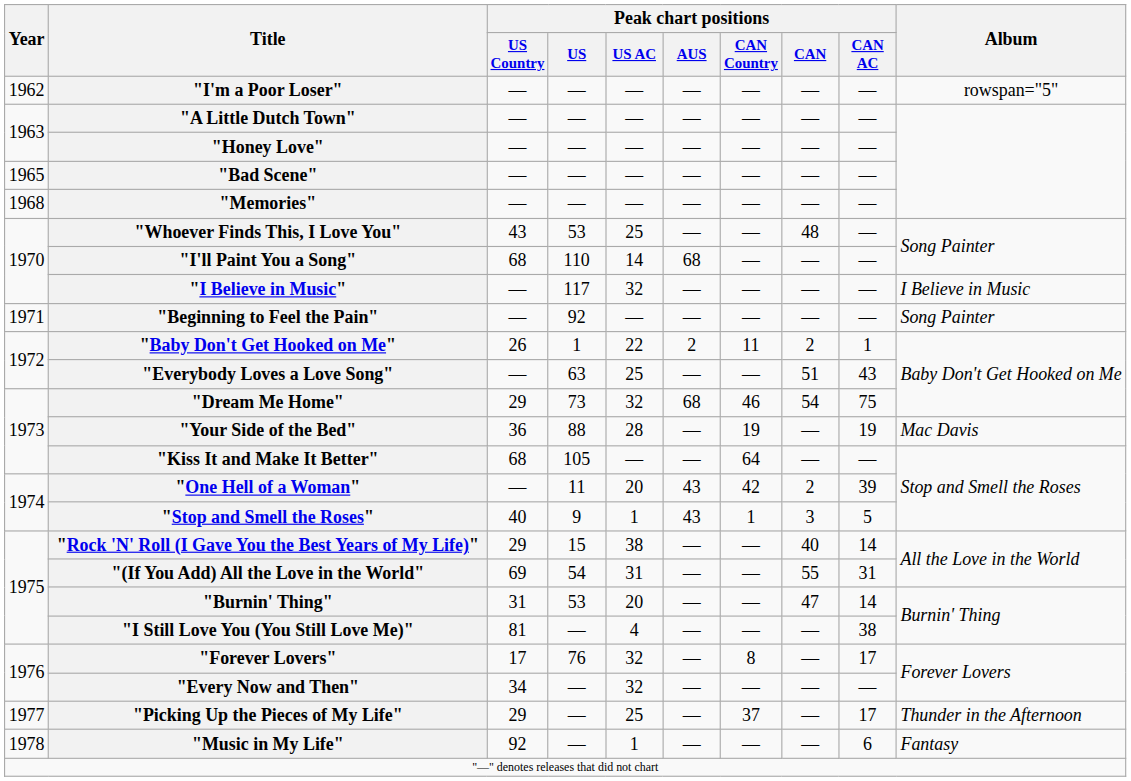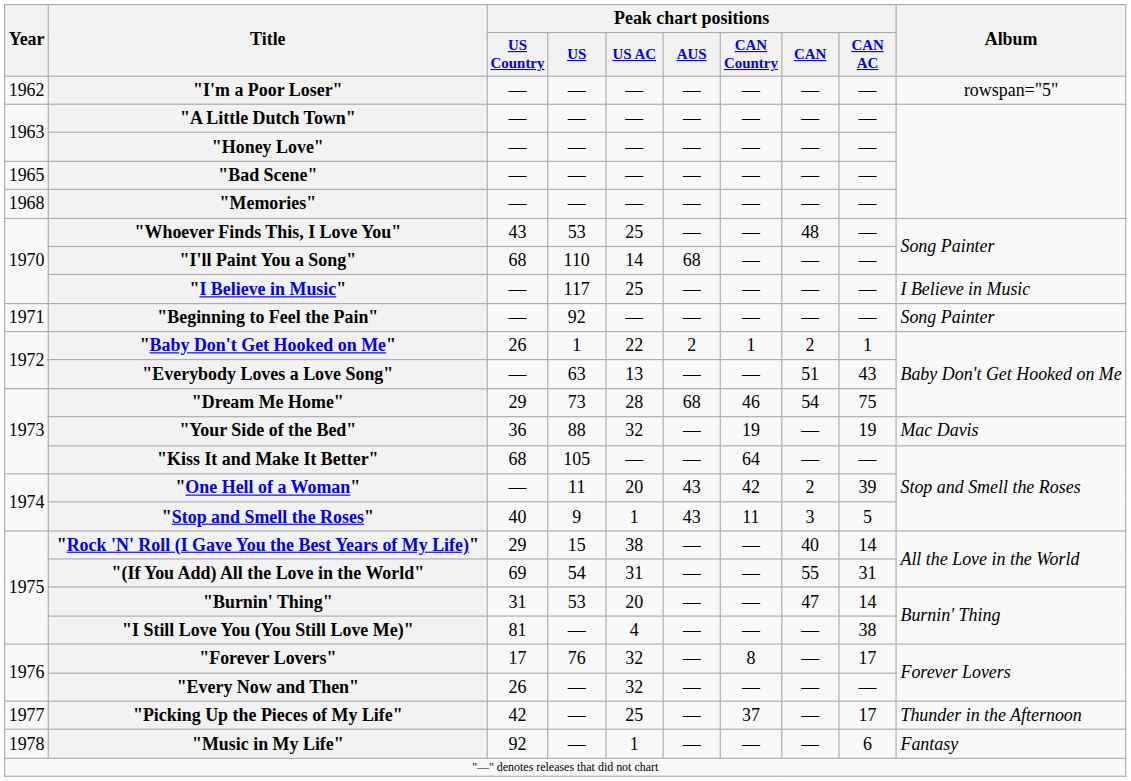 <table class="wikitable plainrowheaders" style=text-align:center;>
 <tr>
 <th scope="col" rowspan="2">Year</th>
 <th scope="col" rowspan="2" style="width:24em;">Title</th>
 <th scope="col" colspan="7">Peak chart positions</th>
 <th scope="col" rowspan="2">Album</th>
 </tr>
 <tr style="font-size:smaller;">
 <th width="45"><a href='#'>US Country</a><br></th>
 <th width="45"><a href='#'>US</a><br></th>
 <th width="45"><a href='#'>US AC</a><br></th>
 <th width="45"><a href='#'>AUS</a><br></th>
 <th width="45"><a href='#'>CAN Country</a></th>
 <th width="45"><a href='#'>CAN</a></th>
 <th width="45"><a href='#'>CAN AC</a></th>
 </tr>
 <tr>
 <td>1962</td>
 <th scope="row">"I'm a Poor Loser"</th>
 <td>—</td>
 <td>—</td>
 <td>—</td>
 <td>—</td>
 <td>—</td>
 <td>—</td>
 <td>—</td>
 <td>rowspan="5" </td>
 </tr>
 <tr>
 <td rowspan="2">1963</td>
 <th scope="row">"A Little Dutch Town"</th>
 <td>—</td>
 <td>—</td>
 <td>—</td>
 <td>—</td>
 <td>—</td>
 <td>—</td>
 <td>—</td>
 </tr>
 <tr>
 <th scope="row">"Honey Love"</th>
 <td>—</td>
 <td>—</td>
 <td>—</td>
 <td>—</td>
 <td>—</td>
 <td>—</td>
 <td>—</td>
 </tr>
 <tr>
 <td>1965</td>
 <th scope="row">"Bad Scene"</th>
 <td>—</td>
 <td>—</td>
 <td>—</td>
 <td>—</td>
 <td>—</td>
 <td>—</td>
 <td>—</td>
 </tr>
 <tr>
 <td>1968</td>
 <th scope="row">"Memories"</th>
 <td>—</td>
 <td>—</td>
 <td>—</td>
 <td>—</td>
 <td>—</td>
 <td>—</td>
 <td>—</td>
 </tr>
 <tr ->
 <td rowspan="3">1970</td>
 <th scope="row">"Whoever Finds This, I Love You"</th>
 <td>43</td>
 <td>53</td>
 <td>25</td>
 <td>—</td>
 <td>—</td>
 <td>48</td>
 <td>—</td>
 <td align="left" rowspan="2"><em>Song Painter</em></td>
 </tr>
 <tr>
 <th scope="row">"I'll Paint You a Song"</th>
 <td>68</td>
 <td>110</td>
 <td>14</td>
 <td>68</td>
 <td>—</td>
 <td>—</td>
 <td>—</td>
 </tr>
 <tr>
 <th scope="row">"<a href='#'>I Believe in Music</a>"</th>
 <td>—</td>
 <td>117</td>
-<td>32</td>
+<td>25</td>
 <td>—</td>
 <td>—</td>
 <td>—</td>
 <td>—</td>
 <td align="left"><em>I Believe in Music</em></td>
 </tr>
 <tr>
 <td>1971</td>
 <th scope="row">"Beginning to Feel the Pain"</th>
 <td>—</td>
 <td>92</td>
 <td>—</td>
 <td>—</td>
 <td>—</td>
 <td>—</td>
 <td>—</td>
 <td align="left"><em>Song Painter</em></td>
 </tr>
 <tr>
 <td rowspan="2">1972</td>
 <th scope="row">"<a href='#'>Baby Don't Get Hooked on Me</a>"</th>
 <td>26</td>
 <td>1</td>
 <td>22</td>
 <td>2</td>
-<td>11</td>
+<td>1</td>
 <td>2</td>
 <td>1</td>
 <td align="left" rowspan="3"><em>Baby Don't Get Hooked on Me</em></td>
 </tr>
 <tr>
 <th scope="row">"Everybody Loves a Love Song"</th>
 <td>—</td>
 <td>63</td>
-<td>25</td>
+<td>13</td>
 <td>—</td>
 <td>—</td>
 <td>51</td>
 <td>43</td>
 </tr>
 <tr>
 <td rowspan=3>1973</td>
 <th scope="row">"Dream Me Home"</th>
 <td>29</td>
 <td>73</td>
-<td>32</td>
+<td>28</td>
 <td>68</td>
 <td>46</td>
 <td>54</td>
 <td>75</td>
 </tr>
 <tr>
 <th scope="row">"Your Side of the Bed"</th>
 <td>36</td>
 <td>88</td>
-<td>28</td>
+<td>32</td>
 <td>—</td>
 <td>19</td>
 <td>—</td>
 <td>19</td>
 <td align="left"><em>Mac Davis</em></td>
 </tr>
 <tr>
 <th scope="row">"Kiss It and Make It Better"</th>
 <td>68</td>
 <td>105</td>
 <td>—</td>
 <td>—</td>
 <td>64</td>
 <td>—</td>
 <td>—</td>
 <td align="left" rowspan="3"><em>Stop and Smell the Roses</em></td>
 </tr>
 <tr>
 <td rowspan=2>1974</td>
 <th scope="row">"<a href='#'>One Hell of a Woman</a>"</th>
 <td>—</td>
 <td>11</td>
 <td>20</td>
 <td>43</td>
 <td>42</td>
 <td>2</td>
 <td>39</td>
 </tr>
 <tr>
 <th scope="row">"<a href='#'>Stop and Smell the Roses</a>"</th>
 <td>40</td>
 <td>9</td>
 <td>1</td>
 <td>43</td>
-<td>1</td>
+<td>11</td>
 <td>3</td>
 <td>5</td>
 </tr>
 <tr>
 <td rowspan="4">1975</td>
 <th scope="row">"<a href='#'>Rock 'N' Roll (I Gave You the Best Years of My Life)</a>"</th>
 <td>29</td>
 <td>15</td>
 <td>38</td>
 <td>—</td>
 <td>—</td>
 <td>40</td>
 <td>14</td>
 <td align="left" rowspan="2"><em>All the Love in the World</em></td>
 </tr>
 <tr>
 <th scope="row">"(If You Add) All the Love in the World"</th>
 <td>69</td>
 <td>54</td>
 <td>31</td>
 <td>—</td>
 <td>—</td>
 <td>55</td>
 <td>31</td>
 </tr>
 <tr>
 <th scope="row">"Burnin' Thing"</th>
 <td>31</td>
 <td>53</td>
 <td>20</td>
 <td>—</td>
 <td>—</td>
 <td>47</td>
 <td>14</td>
 <td align="left" rowspan="2"><em>Burnin' Thing</em></td>
 </tr>
 <tr>
 <th scope="row">"I Still Love You (You Still Love Me)"</th>
 <td>81</td>
 <td>—</td>
 <td>4</td>
 <td>—</td>
 <td>—</td>
 <td>—</td>
 <td>38</td>
 </tr>
 <tr>
 <td rowspan=2>1976</td>
 <th scope="row">"Forever Lovers"</th>
 <td>17</td>
 <td>76</td>
 <td>32</td>
 <td>—</td>
 <td>8</td>
 <td>—</td>
 <td>17</td>
 <td align="left" rowspan="2"><em>Forever Lovers</em></td>
 </tr>
 <tr>
 <th scope="row">"Every Now and Then"</th>
-<td>34</td>
+<td>26</td>
 <td>—</td>
 <td>32</td>
 <td>—</td>
 <td>—</td>
 <td>—</td>
 <td>—</td>
 </tr>
 <tr>
 <td>1977</td>
 <th scope="row">"Picking Up the Pieces of My Life"</th>
-<td>29</td>
+<td>42</td>
 <td>—</td>
 <td>25</td>
 <td>—</td>
 <td>37</td>
 <td>—</td>
 <td>17</td>
 <td align="left"><em>Thunder in the Afternoon</em></td>
 </tr>
 <tr>
 <td>1978</td>
 <th scope="row">"Music in My Life"</th>
 <td>92</td>
 <td>—</td>
 <td>1</td>
 <td>—</td>
 <td>—</td>
 <td>—</td>
 <td>6</td>
 <td align="left"><em>Fantasy</em></td>
 </tr>
 <tr>
 <td colspan="10" style="font-size:8pt">"—" denotes releases that did not chart</td>
 </tr>
 </table>
